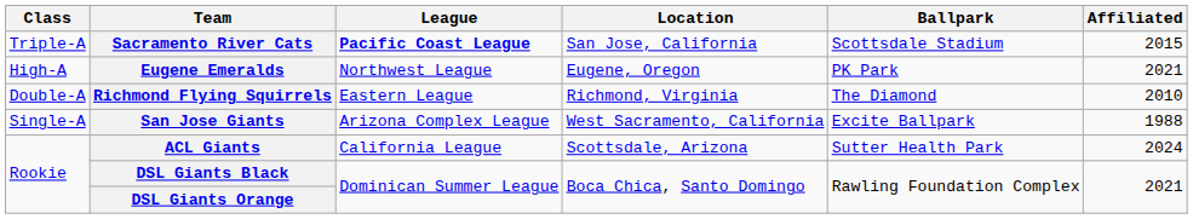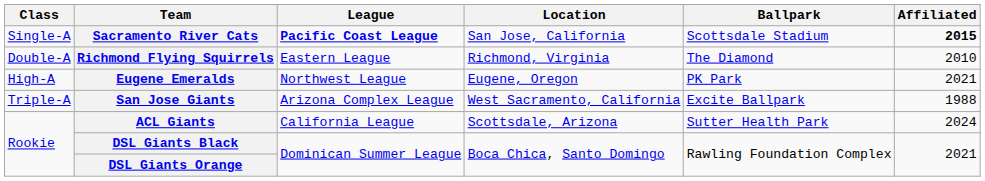 <table class="wikitable plainrowheaders sortable">
 <tr>
 <th scope="col">Class</th>
 <th scope="col">Team</th>
 <th scope="col">League</th>
 <th scope="col">Location</th>
 <th scope="col">Ballpark</th>
 <th scope="col">Affiliated</th>
 </tr>
 <tr>
-<td><a href='#'>Triple-A</a></td>
+<td><a href='#'>Single-A</a></td>
 <th scope="row"><a href='#'>Sacramento River Cats</a></th>
 <td><strong><a href='#'>Pacific Coast League</a></strong></td>
 <td><a href='#'>San Jose, California</a></td>
 <td><a href='#'>Scottsdale Stadium</a></td>
-<td align="right">2015</td>
+<td align="right"><strong>2015</strong></td>
+</tr>
+<tr>
+<td><a href='#'>Double-A</a></td>
+<th scope="row"><a href='#'>Richmond Flying Squirrels</a></th>
+<td><a href='#'>Eastern League</a></td>
+<td><a href='#'>Richmond, Virginia</a></td>
+<td><a href='#'>The Diamond</a></td>
+<td align="right">2010</td>
 </tr>
 <tr>
 <td><a href='#'>High-A</a></td>
 <th scope="row"><a href='#'>Eugene Emeralds</a></th>
 <td><a href='#'>Northwest League</a></td>
 <td><a href='#'>Eugene, Oregon</a></td>
 <td><a href='#'>PK Park</a></td>
 <td align="right">2021</td>
 </tr>
 <tr>
-<td><a href='#'>Double-A</a></td>
-<th scope="row"><a href='#'>Richmond Flying Squirrels</a></th>
-<td><a href='#'>Eastern League</a></td>
-<td><a href='#'>Richmond, Virginia</a></td>
-<td><a href='#'>The Diamond</a></td>
-<td align="right">2010</td>
-</tr>
-<tr>
-<td><a href='#'>Single-A</a></td>
+<td><a href='#'>Triple-A</a></td>
 <th scope="row"><a href='#'>San Jose Giants</a></th>
 <td><a href='#'>Arizona Complex League</a></td>
 <td><a href='#'>West Sacramento, California</a></td>
 <td><a href='#'>Excite Ballpark</a></td>
 <td align="right">1988</td>
 </tr>
 <tr>
 <td rowspan=3><a href='#'>Rookie</a></td>
 <th scope="row"><a href='#'>ACL Giants</a></th>
 <td><a href='#'>California League</a></td>
 <td><a href='#'>Scottsdale, Arizona</a></td>
 <td><a href='#'>Sutter Health Park</a></td>
 <td align="right">2024</td>
 </tr>
 <tr>
 <th scope="row"><a href='#'>DSL Giants Black</a></th>
 <td rowspan=2><a href='#'>Dominican Summer League</a></td>
 <td rowspan=2><a href='#'>Boca Chica</a>, <a href='#'>Santo Domingo</a></td>
 <td rowspan=2>Rawling Foundation Complex</td>
 <td rowspan=2 align="right">2021</td>
 </tr>
 <tr>
 <th scope="row"><a href='#'>DSL Giants Orange</a></th>
 </tr>
 </table>
